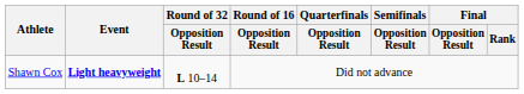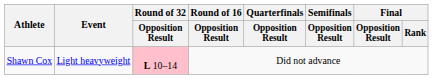 <table class="wikitable" style="font-size:90%">
 <tr>
 <th rowspan="2">Athlete</th>
 <th rowspan="2">Event</th>
 <th>Round of 32</th>
 <th>Round of 16</th>
 <th>Quarterfinals</th>
 <th>Semifinals</th>
 <th colspan=2>Final</th>
 </tr>
 <tr style="font-size:95%">
 <th>Opposition<br>Result</th>
 <th>Opposition<br>Result</th>
 <th>Opposition<br>Result</th>
 <th>Opposition<br>Result</th>
 <th>Opposition<br>Result</th>
 <th>Rank</th>
 </tr>
 <tr align=center>
 <td align=left><a href='#'>Shawn Cox</a></td>
-<td align=left><strong><a href='#'>Light heavyweight</a></strong></td>
-<td><br><strong>L</strong> 10–14</td>
+<td align=left><a href='#'>Light heavyweight</a></td>
+<td style="background: pink;"><br><strong>L</strong> 10–14</td>
 <td colspan=5>Did not advance</td>
 </tr>
 </table>
